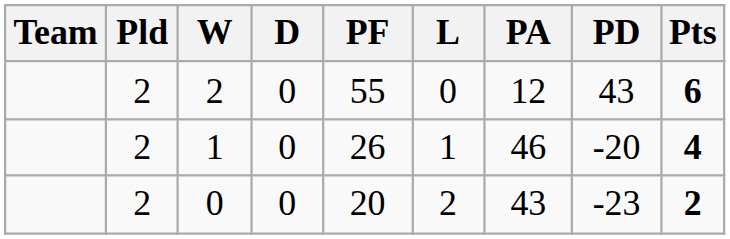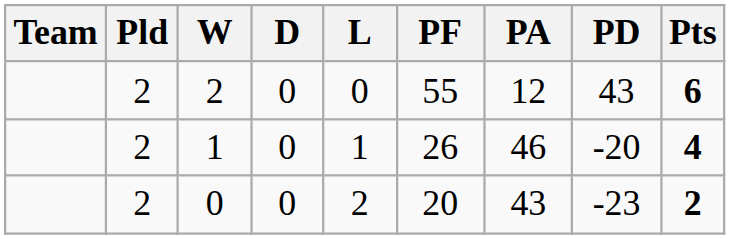 <table class="wikitable" style="text-align:center;">
 <tr>
 <th>Team</th>
 <th width="25">Pld</th>
 <th width="25">W</th>
 <th width="25">D</th>
+<th width="25">L</th>
 <th width="32">PF</th>
-<th width="25">L</th>
 <th width="32">PA</th>
 <th width="32">PD</th>
 <th>Pts</th>
 </tr>
 <tr>
 <td align="left"></td>
 <td>2</td>
 <td>2</td>
 <td>0</td>
+<td>0</td>
 <td>55</td>
-<td>0</td>
 <td>12</td>
 <td>43</td>
 <td><strong>6</strong></td>
 </tr>
 <tr>
 <td align="left"></td>
 <td>2</td>
 <td>1</td>
 <td>0</td>
+<td>1</td>
 <td>26</td>
-<td>1</td>
 <td>46</td>
 <td>-20</td>
 <td><strong>4</strong></td>
 </tr>
 <tr>
 <td align="left"></td>
 <td>2</td>
 <td>0</td>
 <td>0</td>
+<td>2</td>
 <td>20</td>
-<td>2</td>
 <td>43</td>
 <td>-23</td>
 <td><strong>2</strong></td>
 </tr>
 </table>
